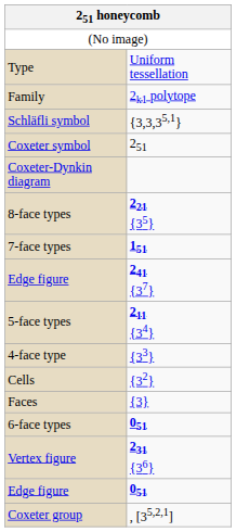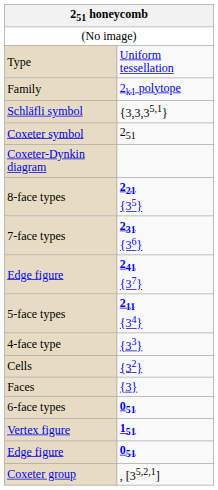 <table class="wikitable" align="right" style="margin-left:10px" width="280">
 <tr>
 <th bgcolor=#e7dcc3 colspan=2>2<sub>51</sub> honeycomb</th>
 </tr>
 <tr>
 <td bgcolor=#ffffff align=center colspan=2>(No image)</td>
 </tr>
 <tr>
 <td bgcolor=#e7dcc3>Type</td>
 <td><a href='#'>Uniform tessellation</a></td>
 </tr>
 <tr>
 <td bgcolor=#e7dcc3>Family</td>
 <td><a href='#'>2<sub>k1</sub> polytope</a></td>
 </tr>
 <tr>
 <td bgcolor=#e7dcc3><a href='#'>Schläfli symbol</a></td>
 <td>{3,3,3<sup>5,1</sup>}</td>
 </tr>
 <tr>
 <td bgcolor=#e7dcc3><a href='#'>Coxeter symbol</a></td>
 <td>2<sub>51</sub></td>
 </tr>
 <tr>
 <td bgcolor=#e7dcc3><a href='#'>Coxeter-Dynkin diagram</a></td>
 <td></td>
 </tr>
 <tr>
 <td bgcolor=#e7dcc3>8-face types</td>
 <td><strong><a href='#'>2<sub>21</sub></a></strong><br><a href='#'>{3<sup>5</sup>}</a></td>
 </tr>
 <tr>
 <td bgcolor=#e7dcc3>7-face types</td>
-<td><strong><a href='#'>1<sub>51</sub></a></strong> </td>
+<td><strong><a href='#'>2<sub>31</sub></a></strong><br><a href='#'>{3<sup>6</sup>}</a></td>
 </tr>
 <tr>
 <td bgcolor=#e7dcc3><a href='#'>Edge figure</a></td>
 <td><strong><a href='#'>2<sub>41</sub></a></strong><br><a href='#'>{3<sup>7</sup>}</a></td>
 </tr>
 <tr>
 <td bgcolor=#e7dcc3>5-face types</td>
 <td><strong><a href='#'>2<sub>11</sub></a></strong><br><a href='#'>{3<sup>4</sup>}</a></td>
 </tr>
 <tr>
 <td bgcolor=#e7dcc3>4-face type</td>
 <td><a href='#'>{3<sup>3</sup>}</a></td>
 </tr>
 <tr>
 <td bgcolor=#e7dcc3>Cells</td>
 <td><a href='#'>{3<sup>2</sup>}</a></td>
 </tr>
 <tr>
 <td bgcolor=#e7dcc3>Faces</td>
 <td><a href='#'>{3}</a></td>
 </tr>
 <tr>
 <td bgcolor=#e7dcc3>6-face types</td>
 <td><strong><a href='#'>0<sub>51</sub></a></strong> </td>
 </tr>
 <tr>
 <td bgcolor=#e7dcc3><a href='#'>Vertex figure</a></td>
-<td><strong><a href='#'>2<sub>31</sub></a></strong><br><a href='#'>{3<sup>6</sup>}</a></td>
+<td><strong><a href='#'>1<sub>51</sub></a></strong> </td>
 </tr>
 <tr>
 <td bgcolor=#e7dcc3><a href='#'>Edge figure</a></td>
 <td><strong><a href='#'>0<sub>51</sub></a></strong> </td>
 </tr>
 <tr>
 <td bgcolor=#e7dcc3><a href='#'>Coxeter group</a></td>
 <td>, [3<sup>5,2,1</sup>]</td>
 </tr>
 </table>
